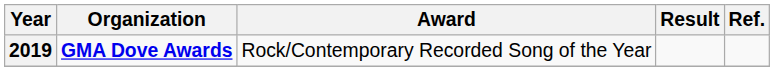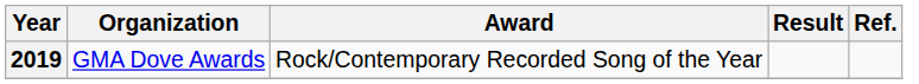 <table class="wikitable plainrowheaders">
 <tr>
 <th>Year</th>
 <th>Organization</th>
 <th>Award</th>
 <th>Result</th>
 <th>Ref.</th>
 </tr>
 <tr>
 <th scope="row">2019</th>
-<td><strong><a href='#'>GMA Dove Awards</a></strong></td>
+<td><a href='#'>GMA Dove Awards</a></td>
 <td>Rock/Contemporary Recorded Song of the Year</td>
 <td></td>
 <td style="text-align:center;"></td>
 </tr>
 <tr>
 </tr>
 </table>
